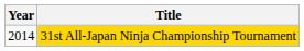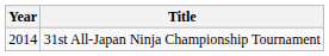 <table class="wikitable">
 <tr>
 <th>Year</th>
 <th>Title</th>
 </tr>
 <tr>
 <td>2014</td>
-<td style="background: gold;">31st All-Japan Ninja Championship Tournament</td>
+<td>31st All-Japan Ninja Championship Tournament</td>
 </tr>
 </table>
